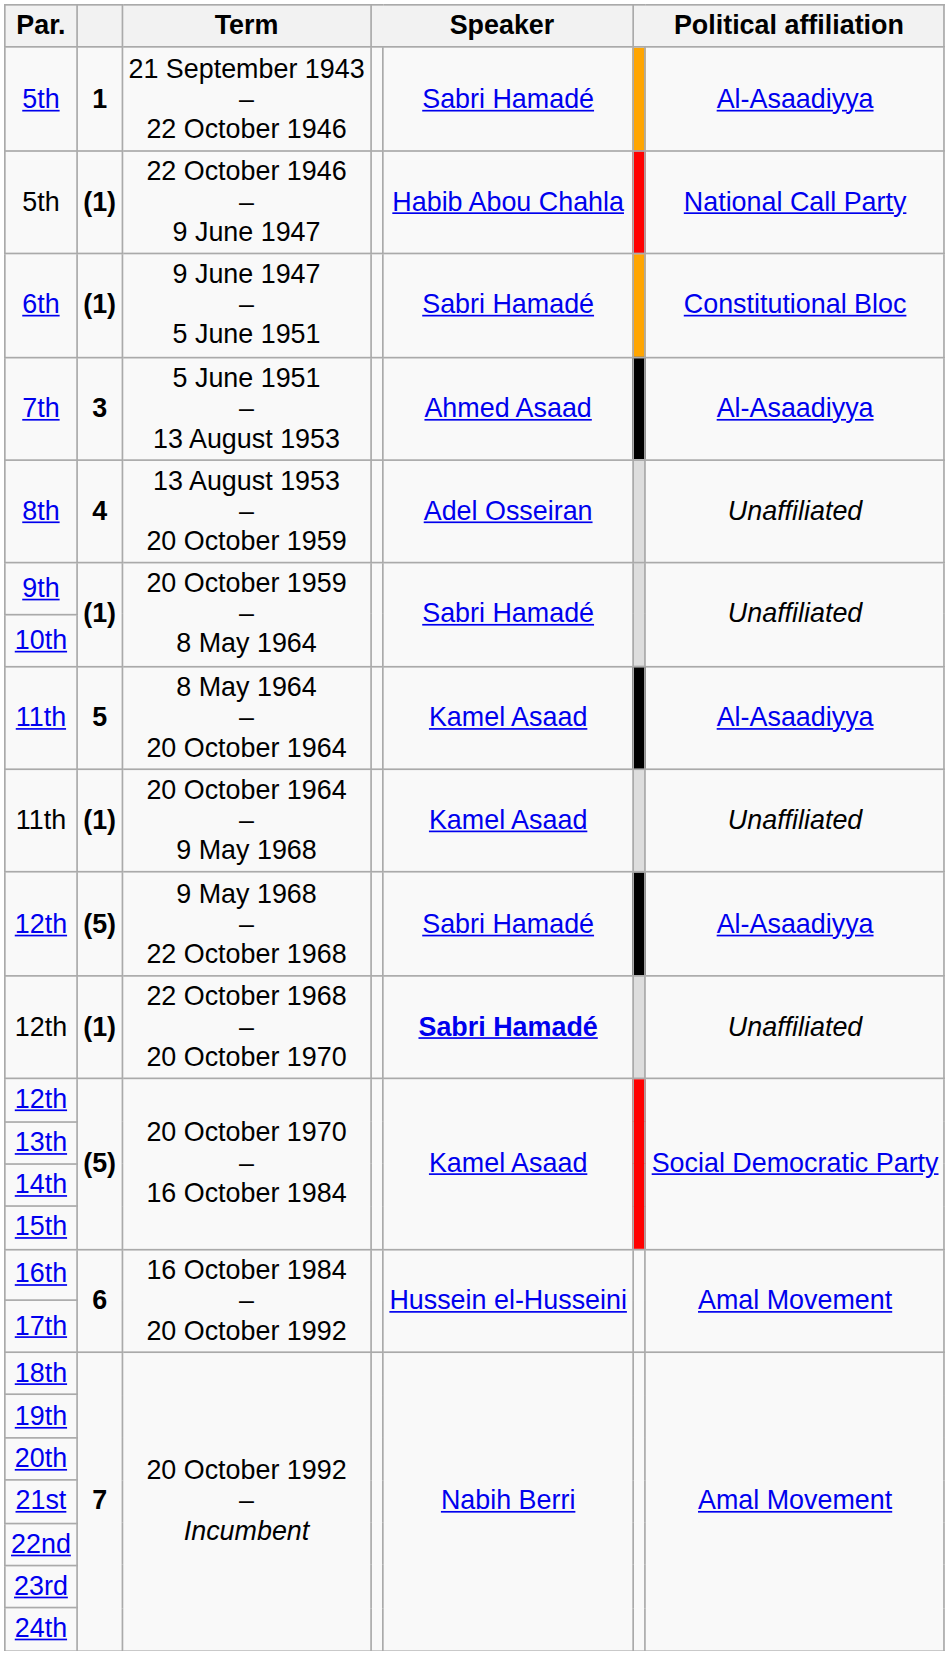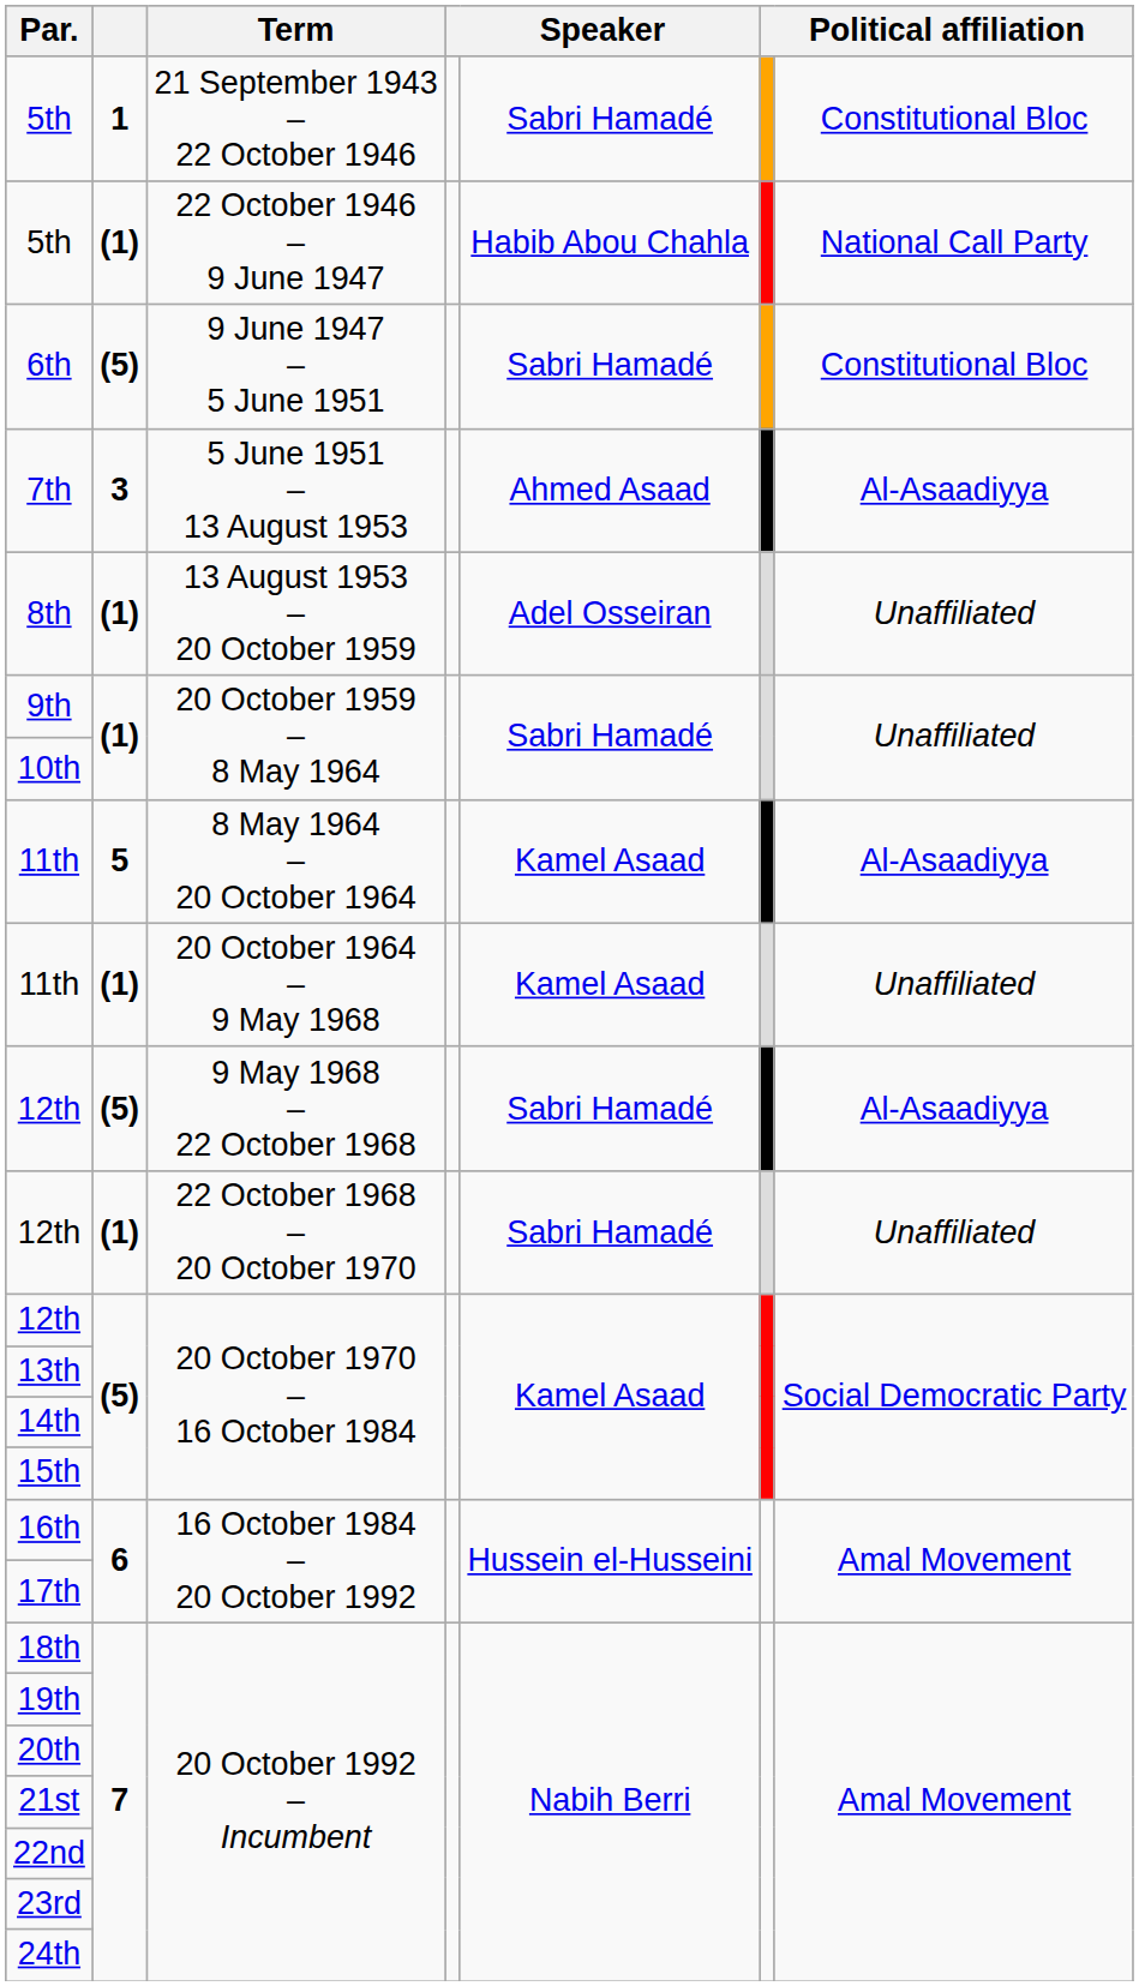 <table class="wikitable" style="text-align:center">
 <tr>
 <th><abbr>Par.</abbr></th>
 <th></th>
 <th>Term</th>
 <th colspan="2">Speaker</th>
 <th colspan="2">Political affiliation</th>
 </tr>
 <tr>
 <td><a href='#'>5th</a></td>
 <td><strong>1</strong></td>
 <td>21 September 1943<br>–<br>22 October 1946</td>
 <td></td>
 <td><a href='#'>Sabri Hamadé</a></td>
 <td style="background-color:#FFA500; color:white;"></td>
-<td><a href='#'>Al-Asaadiyya</a></td>
+<td><a href='#'>Constitutional Bloc</a></td>
 </tr>
 <tr>
 <td>5th</td>
 <td><strong>(1)</strong></td>
 <td>22 October 1946<br>–<br>9 June 1947</td>
 <td></td>
 <td><a href='#'>Habib Abou Chahla</a></td>
 <td style="background-color:red; color:white;"></td>
 <td><a href='#'>National Call Party</a></td>
 </tr>
 <tr>
 <td><a href='#'>6th</a></td>
-<td><strong>(1)</strong></td>
+<td><strong>(5)</strong></td>
 <td>9 June 1947<br>–<br>5 June 1951</td>
 <td></td>
 <td><a href='#'>Sabri Hamadé</a></td>
 <td style="background-color:#FFA500; color:white;"></td>
 <td><a href='#'>Constitutional Bloc</a></td>
 </tr>
 <tr>
 <td><a href='#'>7th</a></td>
 <td><strong>3</strong></td>
 <td>5 June 1951<br>–<br>13 August 1953</td>
 <td></td>
 <td><a href='#'>Ahmed Asaad</a></td>
 <td style="background-color:#000000; color:white;"></td>
 <td><a href='#'>Al-Asaadiyya</a></td>
 </tr>
 <tr>
 <td><a href='#'>8th</a></td>
-<td><strong>4</strong></td>
+<td><strong>(1)</strong></td>
 <td>13 August 1953<br>–<br>20 October 1959</td>
 <td></td>
 <td><a href='#'>Adel Osseiran</a></td>
 <td style="background-color:#DDDDDD; color:white;"></td>
 <td><em>Unaffiliated</em></td>
 </tr>
 <tr>
 <td><a href='#'>9th</a></td>
 <td rowspan="2"><strong>(1)</strong></td>
 <td rowspan="2">20 October 1959<br>–<br>8 May 1964</td>
 <td rowspan="2"></td>
 <td rowspan="2"><a href='#'>Sabri Hamadé</a></td>
 <td rowspan="2" style="background-color:#DDDDDD; color:white;"></td>
 <td rowspan="2"><em>Unaffiliated</em></td>
 </tr>
 <tr>
 <td><a href='#'>10th</a></td>
 </tr>
 <tr>
 <td><a href='#'>11th</a></td>
 <td><strong>5</strong></td>
 <td>8 May 1964<br>–<br>20 October 1964</td>
 <td></td>
 <td><a href='#'>Kamel Asaad</a></td>
 <td style="background-color:#000000; color:white;"></td>
 <td><a href='#'>Al-Asaadiyya</a></td>
 </tr>
 <tr>
 <td>11th</td>
 <td><strong>(1)</strong></td>
 <td>20 October 1964<br>–<br>9 May 1968</td>
 <td></td>
 <td><a href='#'>Kamel Asaad</a></td>
 <td style="background-color:#DDDDDD; color:white;"></td>
 <td><em>Unaffiliated</em></td>
 </tr>
 <tr>
 <td><a href='#'>12th</a></td>
 <td><strong>(5)</strong></td>
 <td>9 May 1968<br>–<br>22 October 1968</td>
 <td></td>
 <td><a href='#'>Sabri Hamadé</a></td>
 <td style="background-color:#000000; color:white;"></td>
 <td><a href='#'>Al-Asaadiyya</a></td>
 </tr>
 <tr>
 <td>12th</td>
 <td><strong>(1)</strong></td>
 <td>22 October 1968<br>–<br>20 October 1970</td>
 <td></td>
-<td><strong><a href='#'>Sabri Hamadé</a></strong></td>
+<td><a href='#'>Sabri Hamadé</a></td>
 <td style="background-color:#DDDDDD; color:white;"></td>
 <td><em>Unaffiliated</em></td>
 </tr>
 <tr>
 <td><a href='#'>12th</a></td>
 <td rowspan="4"><strong>(5)</strong></td>
 <td rowspan="4">20 October 1970<br>–<br>16 October 1984</td>
 <td rowspan="4"></td>
 <td rowspan="4"><a href='#'>Kamel Asaad</a></td>
 <td rowspan="4" style="background-color:red; color:white;"></td>
 <td rowspan="4"><a href='#'>Social Democratic Party</a></td>
 </tr>
 <tr>
 <td><a href='#'>13th</a></td>
 </tr>
 <tr>
 <td><a href='#'>14th</a></td>
 </tr>
 <tr>
 <td><a href='#'>15th</a></td>
 </tr>
 <tr>
 <td><a href='#'>16th</a></td>
 <td rowspan="2"><strong>6</strong></td>
 <td rowspan="2">16 October 1984<br>–<br>20 October 1992</td>
 <td rowspan="2"></td>
 <td rowspan="2"><a href='#'>Hussein el-Husseini</a></td>
 <td rowspan="2" style="background-color:"></td>
 <td rowspan="2"><a href='#'>Amal Movement</a></td>
 </tr>
 <tr>
 <td><a href='#'>17th</a></td>
 </tr>
 <tr>
 <td><a href='#'>18th</a></td>
 <td rowspan="7"><strong>7</strong></td>
 <td rowspan="7">20 October 1992<br>–<br><em>Incumbent</em></td>
 <td rowspan="7"></td>
 <td rowspan="7"><a href='#'>Nabih Berri</a></td>
 <td rowspan="7" style="background-color:"></td>
 <td rowspan="7"><a href='#'>Amal Movement</a></td>
 </tr>
 <tr>
 <td><a href='#'>19th</a></td>
 </tr>
 <tr>
 <td><a href='#'>20th</a></td>
 </tr>
 <tr>
 <td><a href='#'>21st</a></td>
 </tr>
 <tr>
 <td><a href='#'>22nd</a></td>
 </tr>
 <tr>
 <td><a href='#'>23rd</a></td>
 </tr>
 <tr>
 <td><a href='#'>24th</a></td>
 </tr>
 </table>
